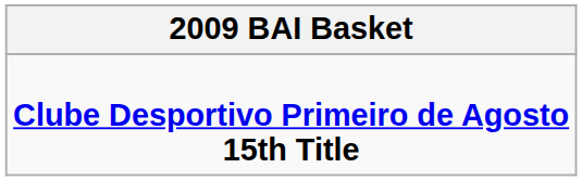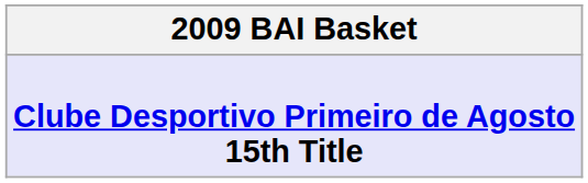 <table class=wikitable style="text-align:center; margin:auto">
 <tr>
 <th>2009 BAI Basket</th>
 </tr>
 <tr>
-<td><br><strong><a href='#'>Clube Desportivo Primeiro de Agosto</a></strong><br><strong>15th Title</strong></td>
+<td style="background: lavender;"><br><strong><a href='#'>Clube Desportivo Primeiro de Agosto</a></strong><br><strong>15th Title</strong></td>
 </tr>
 </table>
